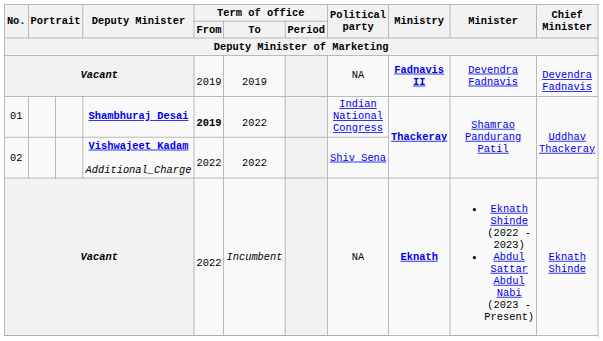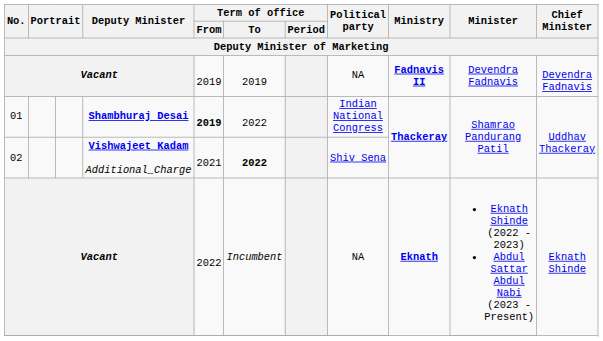 <table class="wikitable" style="text-align:center">
 <tr>
 <th rowspan="2">No.</th>
 <th rowspan="2" colspan="2">Portrait</th>
 <th rowspan="2" style="width:16em">Deputy Minister<br></th>
 <th colspan="3">Term of office</th>
 <th rowspan="2" style="width:8em">Political party</th>
 <th rowspan="2">Ministry</th>
 <th rowspan="2" style="width:9em">Minister</th>
 <th rowspan="2" style="width:9em">Chief Minister</th>
 </tr>
 <tr>
 <th style="width:6em">From</th>
 <th style="width:6em">To</th>
 <th>Period</th>
 </tr>
 <tr>
 <th colspan="11">Deputy Minister of Marketing</th>
 </tr>
 <tr>
 <th colspan="04"><strong><em> Vacant</em></strong></th>
 <td><br>2019</td>
 <td><br>2019</td>
 <th></th>
 <td>NA</td>
 <td rowspan="1"><a href='#'><strong>Fadnavis II</strong></a></td>
 <td><a href='#'>Devendra Fadnavis</a></td>
 <td rowspan="1"> <br><a href='#'>Devendra Fadnavis</a></td>
 </tr>
 <tr>
 <td>01</td>
 <td style="color:inherit;background:"></td>
 <td></td>
 <td><strong><a href='#'>Shambhuraj Desai</a></strong> <br> </td>
 <td><strong><br>2019</strong></td>
 <td><br>2022</td>
 <th></th>
 <td><a href='#'>Indian National Congress</a></td>
 <td rowspan="2"><a href='#'><strong>Thackeray</strong></a></td>
 <td rowspan="2"><a href='#'>Shamrao Pandurang Patil</a></td>
 <td rowspan="2"> <br><a href='#'>Uddhav Thackeray</a></td>
 </tr>
 <tr>
 <td>02</td>
 <td style="color:inherit;background:"></td>
 <td></td>
 <td><strong><a href='#'>Vishwajeet Kadam</a></strong> <br> <br><em>Additional_Charge</em></td>
-<td><br>2022</td>
-<td><br>2022</td>
+<td><br>2021</td>
+<td><strong><br>2022</strong></td>
 <th></th>
 <td><a href='#'>Shiv Sena</a></td>
 </tr>
 <tr>
 <th colspan="04"><strong><em>Vacant</em></strong></th>
 <td><br>2022</td>
 <td><em>Incumbent</em></td>
 <th></th>
 <td>NA</td>
 <td rowspan="2"><a href='#'><strong>Eknath</strong></a></td>
 <td><br><ul><li><a href='#'>Eknath Shinde</a><br>(2022 - 2023)</li><li><a href='#'>Abdul Sattar Abdul Nabi</a><br> (2023 - Present)</li></ul></td>
 <td rowspan="2"> <br><a href='#'>Eknath Shinde</a></td>
 </tr>
 <tr>
 </tr>
 </table>
